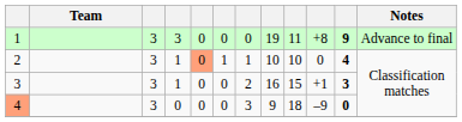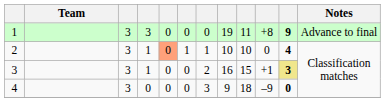 <table class="wikitable" style="text-align: center; font-size: 97%;">
 <tr>
 <th width="20"></th>
 <th width="120">Team</th>
 <th width="18"></th>
 <th width="22"></th>
 <th width="18"></th>
 <th width="18"></th>
 <th width="22"></th>
 <th width="18"></th>
 <th width="18"></th>
 <th width="25"></th>
 <th width="18"></th>
 <th width="105">Notes</th>
 </tr>
 <tr style="background-color: #ccffcc;">
 <td>1</td>
 <td align=left></td>
 <td>3</td>
 <td>3</td>
 <td>0</td>
 <td>0</td>
 <td>0</td>
 <td>19</td>
 <td>11</td>
 <td>+8</td>
 <td><strong>9</strong></td>
 <td>Advance to final</td>
 </tr>
 <tr>
 <td>2</td>
 <td align=left></td>
 <td>3</td>
 <td>1</td>
 <td style="background: lightsalmon;">0</td>
 <td>1</td>
 <td>1</td>
 <td>10</td>
 <td>10</td>
 <td>0</td>
 <td><strong>4</strong></td>
 <td rowspan="3">Classification matches</td>
 </tr>
 <tr>
 <td>3</td>
 <td align=left></td>
 <td>3</td>
 <td>1</td>
 <td>0</td>
 <td>0</td>
 <td>2</td>
 <td>16</td>
 <td>15</td>
 <td>+1</td>
-<td><strong>3</strong></td>
+<td style="background: khaki;"><strong>3</strong></td>
 </tr>
 <tr>
-<td style="background: lightsalmon;">4</td>
+<td>4</td>
 <td align=left></td>
 <td>3</td>
 <td>0</td>
 <td>0</td>
 <td>0</td>
 <td>3</td>
 <td>9</td>
 <td>18</td>
 <td>–9</td>
 <td><strong>0</strong></td>
 </tr>
 <tr>
 </tr>
 </table>
